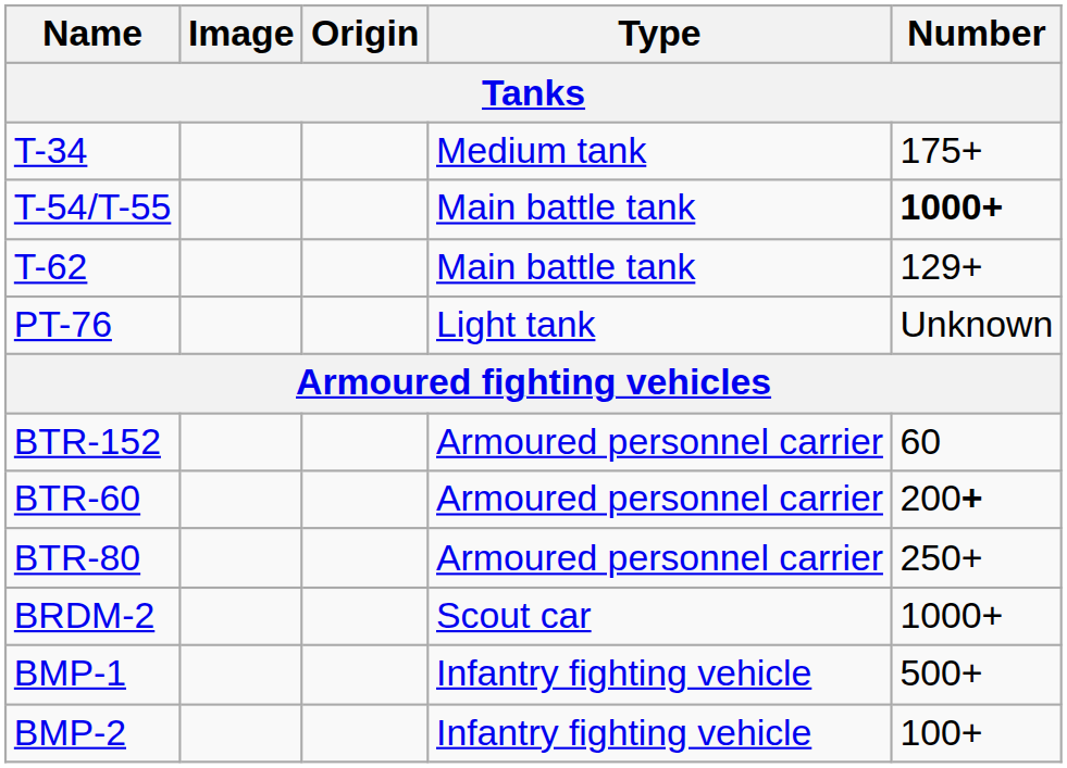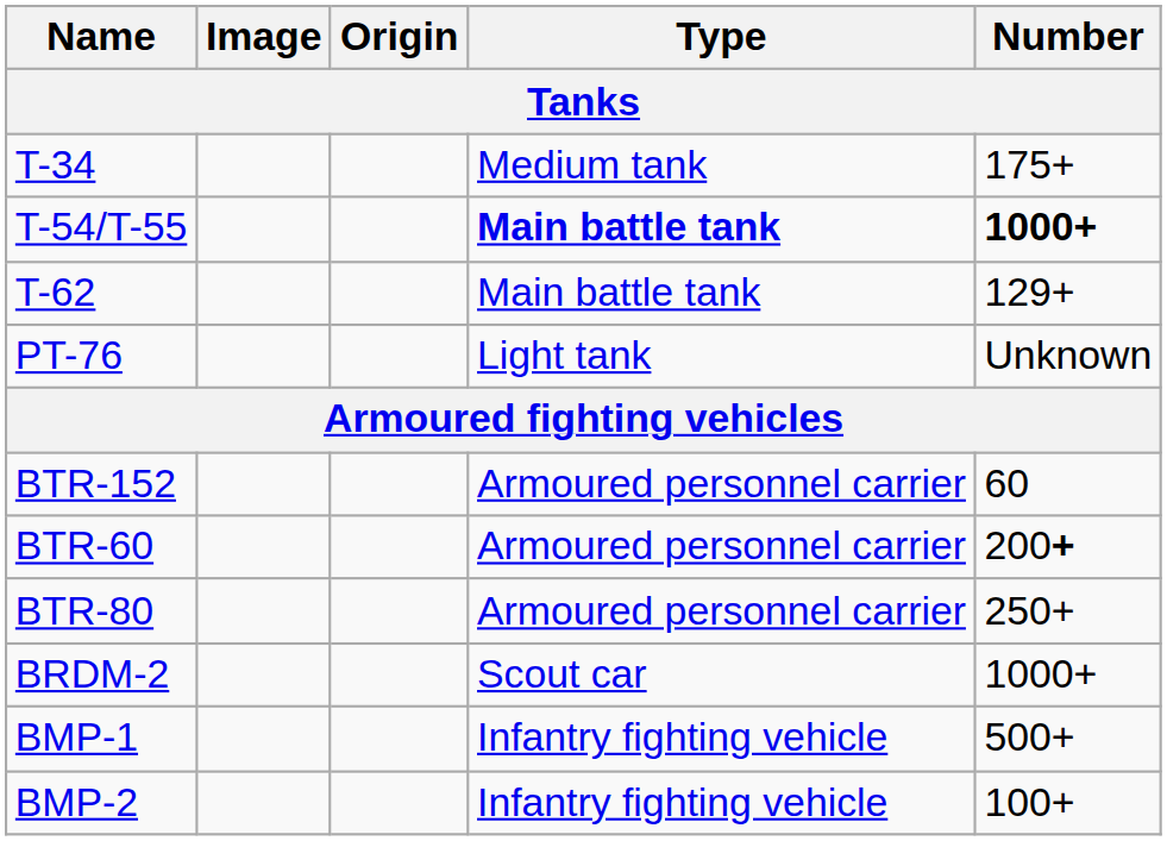 <table class="wikitable">
 <tr>
 <th>Name</th>
 <th>Image</th>
 <th>Origin</th>
 <th>Type</th>
 <th>Number</th>
 </tr>
 <tr>
 <th colspan="6"><a href='#'>Tanks</a></th>
 </tr>
 <tr>
 <td><a href='#'>T-34</a></td>
 <td></td>
 <td></td>
 <td><a href='#'>Medium tank</a></td>
 <td>175+</td>
 </tr>
 <tr>
 <td><a href='#'>T-54/T-55</a></td>
 <td></td>
 <td></td>
-<td><a href='#'>Main battle tank</a></td>
+<td><strong><a href='#'>Main battle tank</a></strong></td>
 <td><strong>1000+</strong></td>
 </tr>
 <tr>
 <td><a href='#'>T-62</a></td>
 <td></td>
 <td></td>
 <td><a href='#'>Main battle tank</a></td>
 <td>129+</td>
 </tr>
 <tr>
 <td><a href='#'>PT-76</a></td>
 <td></td>
 <td></td>
 <td><a href='#'>Light tank</a></td>
 <td>Unknown</td>
 </tr>
 <tr>
 <th colspan="6"><a href='#'>Armoured fighting vehicles</a></th>
 </tr>
 <tr>
 <td><a href='#'>BTR-152</a></td>
 <td></td>
 <td></td>
 <td><a href='#'>Armoured personnel carrier</a></td>
 <td>60</td>
 </tr>
 <tr>
 <td><a href='#'>BTR-60</a></td>
 <td></td>
 <td></td>
 <td><a href='#'>Armoured personnel carrier</a></td>
 <td>200<strong>+</strong></td>
 </tr>
 <tr>
 <td><a href='#'>BTR-80</a></td>
 <td></td>
 <td></td>
 <td><a href='#'>Armoured personnel carrier</a></td>
 <td>250+</td>
 </tr>
 <tr>
 <td><a href='#'>BRDM-2</a></td>
 <td></td>
 <td></td>
 <td><a href='#'>Scout car</a></td>
 <td>1000+</td>
 </tr>
 <tr>
 <td><a href='#'>BMP-1</a></td>
 <td></td>
 <td></td>
 <td><a href='#'>Infantry fighting vehicle</a></td>
 <td>500+</td>
 </tr>
 <tr>
 <td><a href='#'>BMP-2</a></td>
 <td></td>
 <td></td>
 <td><a href='#'>Infantry fighting vehicle</a></td>
 <td>100+</td>
 </tr>
 </table>
